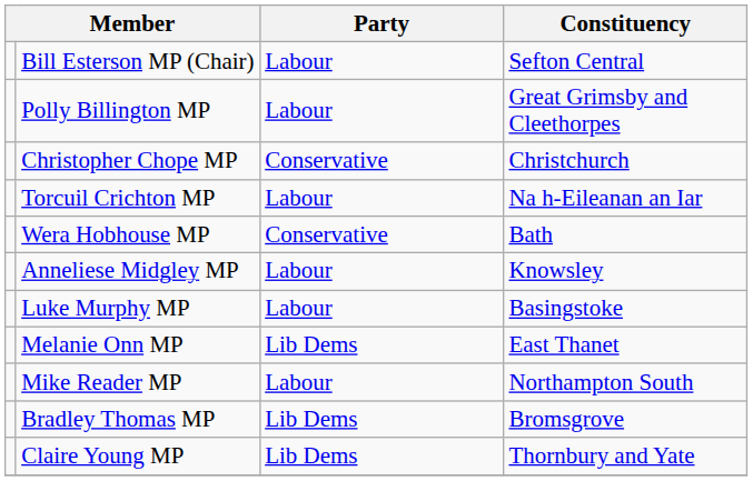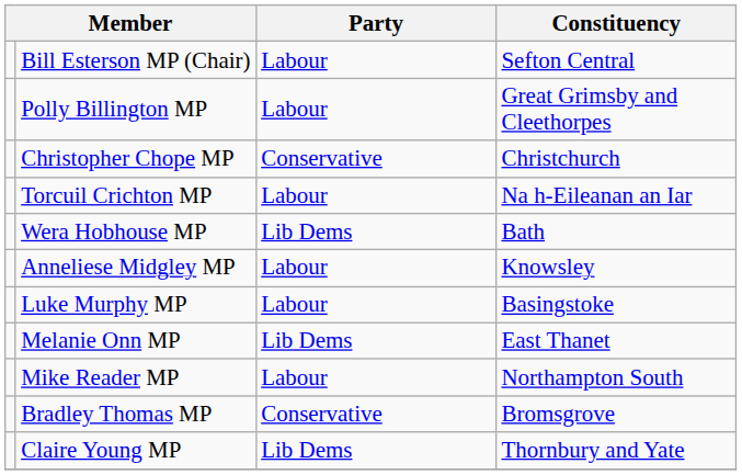 <table class="wikitable">
 <tr>
 <th colspan="2" width="160px" valign="top">Member</th>
 <th width="160px" valign="top">Party</th>
 <th width="160px" valign="top">Constituency</th>
 </tr>
 <tr>
 <td style="color:inherit;background:"></td>
 <td><a href='#'>Bill Esterson</a> MP (Chair)</td>
 <td><a href='#'>Labour</a></td>
 <td><a href='#'>Sefton Central</a></td>
 </tr>
 <tr>
 <td style="color:inherit;background:"></td>
 <td><a href='#'>Polly Billington</a> MP</td>
 <td><a href='#'>Labour</a></td>
 <td><a href='#'>Great Grimsby and Cleethorpes</a></td>
 </tr>
 <tr>
 <td style="color:inherit;background:"></td>
 <td><a href='#'>Christopher Chope</a> MP</td>
 <td><a href='#'>Conservative</a></td>
 <td><a href='#'>Christchurch</a></td>
 </tr>
 <tr>
 <td style="color:inherit;background:"></td>
 <td><a href='#'>Torcuil Crichton</a> MP</td>
 <td><a href='#'>Labour</a></td>
 <td><a href='#'>Na h-Eileanan an Iar</a></td>
 </tr>
 <tr>
 <td style="color:inherit;background:"></td>
 <td><a href='#'>Wera Hobhouse</a> MP</td>
-<td><a href='#'>Conservative</a></td>
+<td><a href='#'>Lib Dems</a></td>
 <td><a href='#'>Bath</a></td>
 </tr>
 <tr>
 <td style="color:inherit;background:"></td>
 <td><a href='#'>Anneliese Midgley</a> MP</td>
 <td><a href='#'>Labour</a></td>
 <td><a href='#'>Knowsley</a></td>
 </tr>
 <tr>
 <td style="color:inherit;background:"></td>
 <td><a href='#'>Luke Murphy</a> MP</td>
 <td><a href='#'>Labour</a></td>
 <td><a href='#'>Basingstoke</a></td>
 </tr>
 <tr>
 <td style="color:inherit;background:"></td>
 <td><a href='#'>Melanie Onn</a> MP</td>
 <td><a href='#'>Lib Dems</a></td>
 <td><a href='#'>East Thanet</a></td>
 </tr>
 <tr>
 <td style="color:inherit;background:"></td>
 <td><a href='#'>Mike Reader</a> MP</td>
 <td><a href='#'>Labour</a></td>
 <td><a href='#'>Northampton South</a></td>
 </tr>
 <tr>
 <td style="color:inherit;background:"></td>
 <td><a href='#'>Bradley Thomas</a> MP</td>
-<td><a href='#'>Lib Dems</a></td>
+<td><a href='#'>Conservative</a></td>
 <td><a href='#'>Bromsgrove</a></td>
 </tr>
 <tr>
 <td style="color:inherit;background:"></td>
 <td><a href='#'>Claire Young</a> MP</td>
 <td><a href='#'>Lib Dems</a></td>
 <td><a href='#'>Thornbury and Yate</a></td>
 </tr>
 <tr>
 </tr>
 </table>
